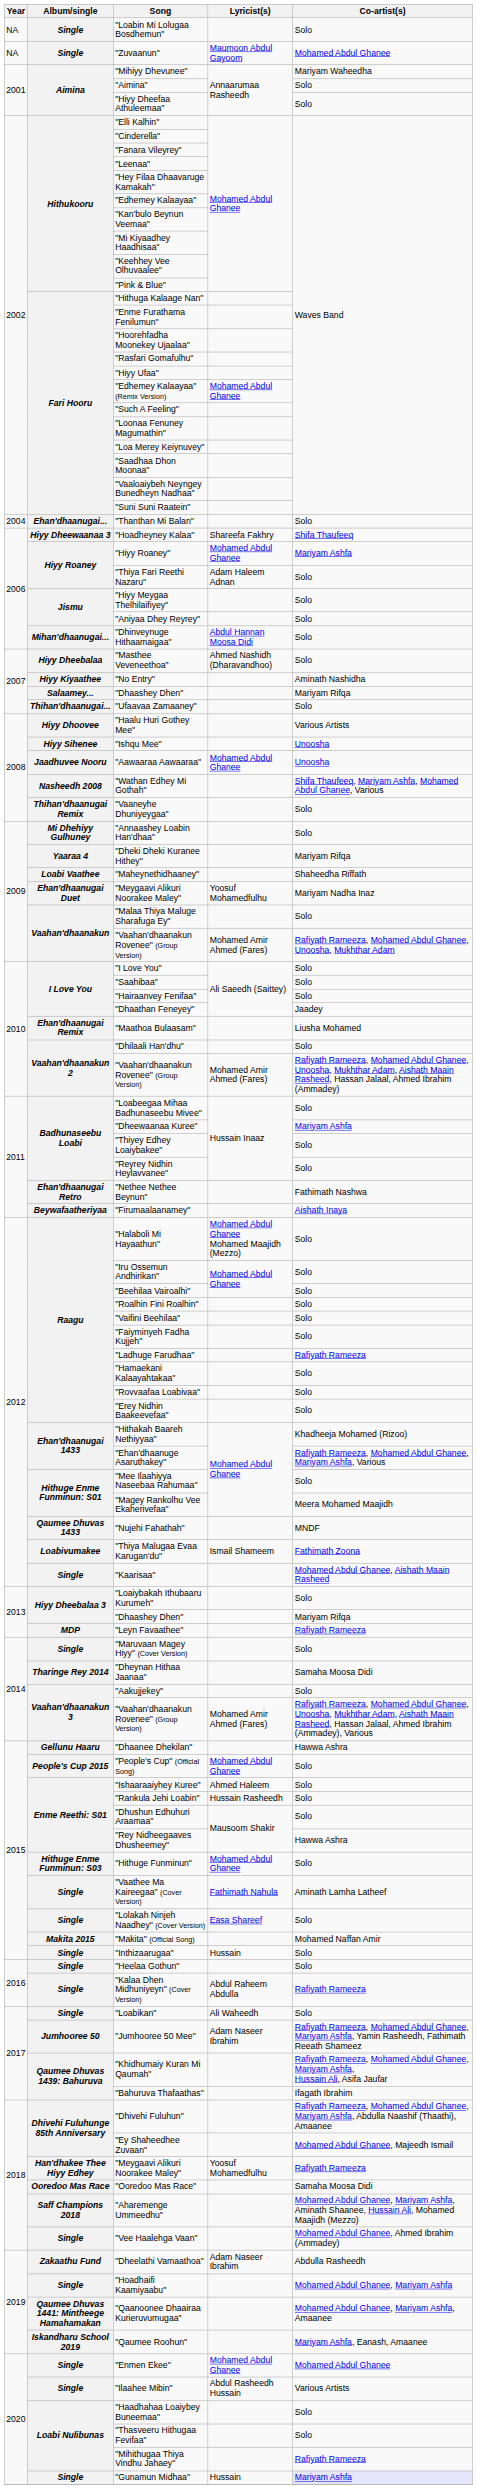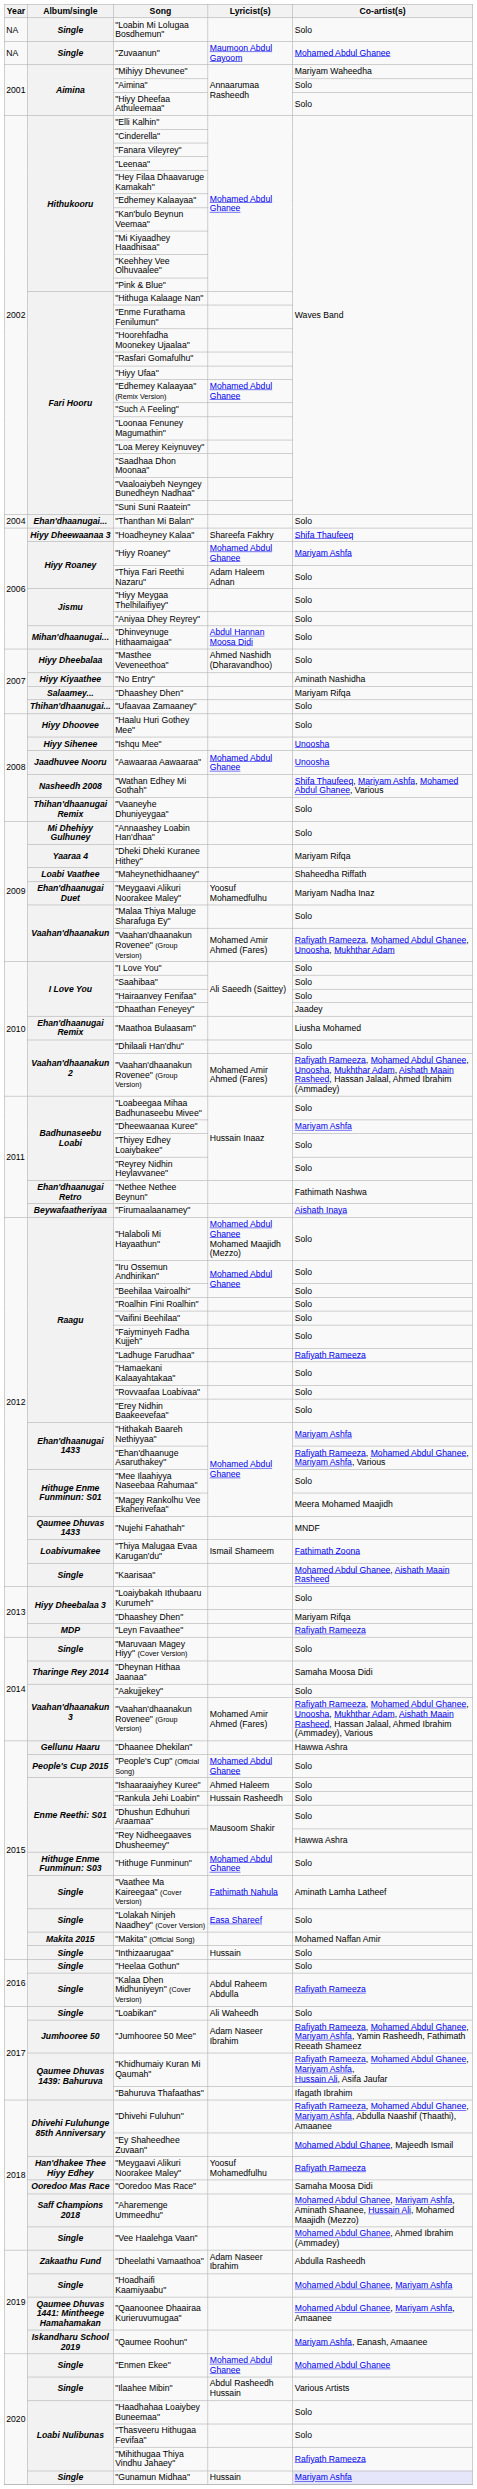 <table class="wikitable plainrowheaders">
 <tr>
 <th scope="col" style="width:2%;">Year</th>
 <th scope="col" style="width:18%;">Album/single</th>
 <th scope="col" style="width:20%;">Song</th>
 <th scope="col" style="width:18%;">Lyricist(s)</th>
 <th scope="col" style="width:38%;">Co-artist(s)</th>
 </tr>
 <tr>
 <td>NA</td>
 <th scope="row"><em>Single</em></th>
 <td>"Loabin Mi Lolugaa Bosdhemun"</td>
 <td></td>
 <td>Solo</td>
 </tr>
 <tr>
 <td>NA</td>
 <th scope="row"><em>Single</em></th>
 <td>"Zuvaanun"</td>
 <td><a href='#'>Maumoon Abdul Gayoom</a></td>
 <td><a href='#'>Mohamed Abdul Ghanee</a></td>
 </tr>
 <tr>
 <td rowspan="3">2001</td>
 <th scope="row"  rowspan="3"><em>Aimina</em></th>
 <td>"Mihiyy Dhevunee"</td>
 <td rowspan="3">Annaarumaa Rasheedh</td>
 <td>Mariyam Waheedha</td>
 </tr>
 <tr>
 <td>"Aimina"</td>
 <td>Solo</td>
 </tr>
 <tr>
 <td>"Hiyy Dheefaa Athuleemaa"</td>
 <td>Solo</td>
 </tr>
 <tr>
 <td rowspan="22">2002</td>
 <th scope="row" rowspan="10"><em>Hithukooru</em></th>
 <td>"Elli Kalhin"</td>
 <td rowspan="10"><a href='#'>Mohamed Abdul Ghanee</a></td>
 <td rowspan="22">Waves Band</td>
 </tr>
 <tr>
 <td>"Cinderella"</td>
 </tr>
 <tr>
 <td>"Fanara Vileyrey"</td>
 </tr>
 <tr>
 <td>"Leenaa"</td>
 </tr>
 <tr>
 <td>"Hey Filaa Dhaavaruge Kamakah"</td>
 </tr>
 <tr>
 <td>"Edhemey Kalaayaa"</td>
 </tr>
 <tr>
 <td>"Kan'bulo Beynun Veemaa"</td>
 </tr>
 <tr>
 <td>"Mi Kiyaadhey Haadhisaa"</td>
 </tr>
 <tr>
 <td>"Keehhey Vee Olhuvaalee"</td>
 </tr>
 <tr>
 <td>"Pink & Blue"</td>
 </tr>
 <tr>
 <th scope="row" rowspan="12"><em>Fari Hooru</em></th>
 <td>"Hithuga Kalaage Nan"</td>
 <td></td>
 </tr>
 <tr>
 <td>"Enme Furathama Fenilumun"</td>
 <td></td>
 </tr>
 <tr>
 <td>"Hoorehfadha Moonekey Ujaalaa"</td>
 <td></td>
 </tr>
 <tr>
 <td>"Rasfari Gomafulhu"</td>
 <td></td>
 </tr>
 <tr>
 <td>"Hiyy Ufaa"</td>
 <td></td>
 </tr>
 <tr>
 <td>"Edhemey Kalaayaa" <small>(Remix Version)</small></td>
 <td><a href='#'>Mohamed Abdul Ghanee</a></td>
 </tr>
 <tr>
 <td>"Such A Feeling"</td>
 <td></td>
 </tr>
 <tr>
 <td>"Loonaa Fenuney Magumathin"</td>
 <td></td>
 </tr>
 <tr>
 <td>"Loa Merey Keiynuvey"</td>
 <td></td>
 </tr>
 <tr>
 <td>"Saadhaa Dhon Moonaa"</td>
 <td></td>
 </tr>
 <tr>
 <td>"Vaaloaiybeh Neyngey Bunedheyn Nadhaa"</td>
 <td></td>
 </tr>
 <tr>
 <td>"Suni Suni Raatein"</td>
 <td></td>
 </tr>
 <tr>
 <td>2004</td>
 <th scope="row"><em>Ehan'dhaanugai...</em></th>
 <td>"Thanthan Mi Balan"</td>
 <td></td>
 <td>Solo</td>
 </tr>
 <tr>
 <td rowspan="6">2006</td>
 <th scope="row"><em>Hiyy Dheewaanaa 3</em></th>
 <td>"Hoadheyney Kalaa"</td>
 <td>Shareefa Fakhry</td>
 <td><a href='#'>Shifa Thaufeeq</a></td>
 </tr>
 <tr>
 <th scope="row" rowspan="2"><em>Hiyy Roaney</em></th>
 <td>"Hiyy Roaney"</td>
 <td><a href='#'>Mohamed Abdul Ghanee</a></td>
 <td><a href='#'>Mariyam Ashfa</a></td>
 </tr>
 <tr>
 <td>"Thiya Fari Reethi Nazaru"</td>
 <td>Adam Haleem Adnan</td>
 <td>Solo</td>
 </tr>
 <tr>
 <th scope="row" rowspan="2"><em>Jismu</em></th>
 <td>"Hiyy Meygaa Thelhilaifiyey"</td>
 <td></td>
 <td>Solo</td>
 </tr>
 <tr>
 <td>"Aniyaa Dhey Reyrey"</td>
 <td></td>
 <td>Solo</td>
 </tr>
 <tr>
 <th scope="row"><em>Mihan'dhaanugai...</em></th>
 <td>"Dhinveynuge Hithaamaigaa"</td>
 <td><a href='#'>Abdul Hannan Moosa Didi</a></td>
 <td>Solo</td>
 </tr>
 <tr>
 <td rowspan="4">2007</td>
 <th scope="row"><em>Hiyy Dheebalaa</em></th>
 <td>"Masthee Veveneethoa"</td>
 <td>Ahmed Nashidh (Dharavandhoo)</td>
 <td>Solo</td>
 </tr>
 <tr>
 <th scope="row"><em>Hiyy Kiyaathee</em></th>
 <td>"No Entry"</td>
 <td></td>
 <td>Aminath Nashidha</td>
 </tr>
 <tr>
 <th scope="row"><em>Salaamey...</em></th>
 <td>"Dhaashey Dhen"</td>
 <td></td>
 <td>Mariyam Rifqa</td>
 </tr>
 <tr>
 <th scope="row"><em>Thihan'dhaanugai...</em></th>
 <td>"Ufaavaa Zamaaney"</td>
 <td></td>
 <td>Solo</td>
 </tr>
 <tr>
 <td rowspan="5">2008</td>
 <th scope="row"><em>Hiyy Dhoovee</em></th>
 <td>"Haalu Huri Gothey Mee"</td>
 <td></td>
-<td>Various Artists</td>
+<td>Solo</td>
 </tr>
 <tr>
 <th scope="row"><em>Hiyy Sihenee</em></th>
 <td>"Ishqu Mee"</td>
 <td></td>
 <td><a href='#'>Unoosha</a></td>
 </tr>
 <tr>
 <th scope="row"><em>Jaadhuvee Nooru</em></th>
 <td>"Aawaaraa Aawaaraa"</td>
 <td><a href='#'>Mohamed Abdul Ghanee</a></td>
 <td><a href='#'>Unoosha</a></td>
 </tr>
 <tr>
 <th scope="row"><em>Nasheedh 2008</em></th>
 <td>"Wathan Edhey Mi Gothah"</td>
 <td></td>
 <td><a href='#'>Shifa Thaufeeq</a>, <a href='#'>Mariyam Ashfa</a>, <a href='#'>Mohamed Abdul Ghanee</a>, Various</td>
 </tr>
 <tr>
 <th scope="row"><em>Thihan'dhaanugai Remix</em></th>
 <td>"Vaaneyhe Dhuniyeygaa"</td>
 <td></td>
 <td>Solo</td>
 </tr>
 <tr>
 <td rowspan="6">2009</td>
 <th scope="row"><em>Mi Dhehiyy Gulhuney</em></th>
 <td>"Annaashey Loabin Han'dhaa"</td>
 <td></td>
 <td>Solo</td>
 </tr>
 <tr>
 <th scope="row"><em>Yaaraa 4</em></th>
 <td>"Dheki Dheki Kuranee Hithey"</td>
 <td></td>
 <td>Mariyam Rifqa</td>
 </tr>
 <tr>
 <th scope="row"><em>Loabi Vaathee</em></th>
 <td>"Maheynethidhaaney"</td>
 <td></td>
 <td>Shaheedha Riffath</td>
 </tr>
 <tr>
 <th scope="row"><em>Ehan'dhaanugai Duet</em></th>
 <td>"Meygaavi Alikuri Noorakee Maley"</td>
 <td>Yoosuf Mohamedfulhu</td>
 <td>Mariyam Nadha Inaz</td>
 </tr>
 <tr>
 <th scope="row" rowspan="2"><em>Vaahan'dhaanakun</em></th>
 <td>"Malaa Thiya Maluge Sharafuga Ey"</td>
 <td></td>
 <td>Solo</td>
 </tr>
 <tr>
 <td>"Vaahan'dhaanakun Rovenee" <small>(Group Version)</small></td>
 <td>Mohamed Amir Ahmed (Fares)</td>
 <td><a href='#'>Rafiyath Rameeza</a>, <a href='#'>Mohamed Abdul Ghanee</a>, <a href='#'>Unoosha</a>, <a href='#'>Mukhthar Adam</a></td>
 </tr>
 <tr>
 <td rowspan="7">2010</td>
 <th scope="row" rowspan="4"><em>I Love You</em></th>
 <td>"I Love You"</td>
 <td rowspan="4">Ali Saeedh (Saittey)</td>
 <td>Solo</td>
 </tr>
 <tr>
 <td>"Saahibaa"</td>
 <td>Solo</td>
 </tr>
 <tr>
 <td>"Hairaanvey Fenifaa"</td>
 <td>Solo</td>
 </tr>
 <tr>
 <td>"Dhaathan Feneyey"</td>
 <td>Jaadey</td>
 </tr>
 <tr>
 <th scope="row"><em>Ehan'dhaanugai Remix</em></th>
 <td>"Maathoa Bulaasam"</td>
 <td></td>
 <td>Liusha Mohamed</td>
 </tr>
 <tr>
 <th scope="row" rowspan="2"><em>Vaahan'dhaanakun 2</em></th>
 <td>"Dhilaali Han'dhu"</td>
 <td></td>
 <td>Solo</td>
 </tr>
 <tr>
 <td>"Vaahan'dhaanakun Rovenee" <small>(Group Version)</small></td>
 <td>Mohamed Amir Ahmed (Fares)</td>
 <td><a href='#'>Rafiyath Rameeza</a>, <a href='#'>Mohamed Abdul Ghanee</a>, <a href='#'>Unoosha</a>, <a href='#'>Mukhthar Adam</a>, <a href='#'>Aishath Maain Rasheed</a>, Hassan Jalaal, Ahmed Ibrahim (Ammadey)</td>
 </tr>
 <tr>
 <td rowspan="6">2011</td>
 <th scope="row" rowspan="4"><em>Badhunaseebu Loabi</em></th>
 <td>"Loabeegaa Mihaa Badhunaseebu Mivee"</td>
 <td rowspan="4">Hussain Inaaz</td>
 <td>Solo</td>
 </tr>
 <tr>
 <td>"Dheewaanaa Kuree"</td>
 <td><a href='#'>Mariyam Ashfa</a></td>
 </tr>
 <tr>
 <td>"Thiyey Edhey Loaiybakee"</td>
 <td>Solo</td>
 </tr>
 <tr>
 <td>"Reyrey Nidhin Heylavvanee"</td>
 <td>Solo</td>
 </tr>
 <tr>
 <th scope="row"><em>Ehan'dhaanugai Retro</em></th>
 <td>"Nethee Nethee Beynun"</td>
 <td></td>
 <td>Fathimath Nashwa</td>
 </tr>
 <tr>
 <th scope="row"><em>Beywafaatheriyaa</em></th>
 <td>"Firumaalaanamey"</td>
 <td></td>
 <td><a href='#'>Aishath Inaya</a></td>
 </tr>
 <tr>
 <td rowspan="17">2012</td>
 <th scope="row" rowspan="10"><em>Raagu</em></th>
 <td>"Halaboli Mi Hayaathun"</td>
 <td><a href='#'>Mohamed Abdul Ghanee</a><br>Mohamed Maajidh (Mezzo)</td>
 <td>Solo</td>
 </tr>
 <tr>
 <td>"Iru Ossemun Andhirikan"</td>
 <td rowspan="2"><a href='#'>Mohamed Abdul Ghanee</a></td>
 <td>Solo</td>
 </tr>
 <tr>
 <td>"Beehilaa Vairoalhi"</td>
 <td>Solo</td>
 </tr>
 <tr>
 <td>"Roalhin Fini Roalhin"</td>
 <td></td>
 <td>Solo</td>
 </tr>
 <tr>
 <td>"Vaifini Beehilaa"</td>
 <td></td>
 <td>Solo</td>
 </tr>
 <tr>
 <td>"Faiyminyeh Fadha Kujjeh"</td>
 <td></td>
 <td>Solo</td>
 </tr>
 <tr>
 <td>"Ladhuge Farudhaa"</td>
 <td></td>
 <td><a href='#'>Rafiyath Rameeza</a></td>
 </tr>
 <tr>
 <td>"Hamaekani Kalaayahtakaa"</td>
 <td></td>
 <td>Solo</td>
 </tr>
 <tr>
 <td>"Rovvaafaa Loabivaa"</td>
 <td></td>
 <td>Solo</td>
 </tr>
 <tr>
 <td>"Erey Nidhin Baakeevefaa"</td>
 <td></td>
 <td>Solo</td>
 </tr>
 <tr>
 <th scope="row" rowspan="2"><em>Ehan'dhaanugai 1433</em></th>
 <td>"Hithakah Baareh Nethiyyaa"</td>
 <td rowspan="4"><a href='#'>Mohamed Abdul Ghanee</a></td>
-<td>Khadheeja Mohamed (Rizoo)</td>
+<td><a href='#'>Mariyam Ashfa</a></td>
 </tr>
 <tr>
 <td>"Ehan'dhaanuge Asaruthakey"</td>
 <td><a href='#'>Rafiyath Rameeza</a>, <a href='#'>Mohamed Abdul Ghanee</a>, <a href='#'>Mariyam Ashfa</a>, Various</td>
 </tr>
 <tr>
 <th scope="row" rowspan="2"><em>Hithuge Enme Funminun: S01</em></th>
 <td>"Mee Ilaahiyya Naseebaa Rahumaa"</td>
 <td>Solo</td>
 </tr>
 <tr>
 <td>"Magey Rankolhu Vee Ekaherivefaa"</td>
 <td>Meera Mohamed Maajidh</td>
 </tr>
 <tr>
 <th scope="row"><em>Qaumee Dhuvas 1433</em></th>
 <td>"Nujehi Fahathah"</td>
 <td></td>
 <td>MNDF</td>
 </tr>
 <tr>
 <th scope="row"><em>Loabivumakee</em></th>
 <td>"Thiya Malugaa Evaa Karugan'du"</td>
 <td>Ismail Shameem</td>
 <td><a href='#'>Fathimath Zoona</a></td>
 </tr>
 <tr>
 <th scope="row"><em>Single</em></th>
 <td>"Kaarisaa"</td>
 <td></td>
 <td><a href='#'>Mohamed Abdul Ghanee</a>, <a href='#'>Aishath Maain Rasheed</a></td>
 </tr>
 <tr>
 <td rowspan="3">2013</td>
 <th scope="row" rowspan="2"><em>Hiyy Dheebalaa 3</em></th>
 <td>"Loaiybakah Ithubaaru Kurumeh"</td>
 <td></td>
 <td>Solo</td>
 </tr>
 <tr>
 <td>"Dhaashey Dhen"</td>
 <td></td>
 <td>Mariyam Rifqa</td>
 </tr>
 <tr>
 <th scope="row"><em>MDP</em></th>
 <td>"Leyn Favaathee"</td>
 <td></td>
 <td><a href='#'>Rafiyath Rameeza</a></td>
 </tr>
 <tr>
 <td rowspan="4">2014</td>
 <th scope="row"><em>Single</em></th>
 <td>"Maruvaan Magey Hiyy" <small>(Cover Version)</small></td>
 <td></td>
 <td>Solo</td>
 </tr>
 <tr>
 <th scope="row"><em>Tharinge Rey 2014</em></th>
 <td>"Dheynan Hithaa Jaanaa"</td>
 <td></td>
 <td>Samaha Moosa Didi</td>
 </tr>
 <tr>
 <th scope="row" rowspan="2"><em>Vaahan'dhaanakun 3</em></th>
 <td>"Aakujjekey"</td>
 <td></td>
 <td>Solo</td>
 </tr>
 <tr>
 <td>"Vaahan'dhaanakun Rovenee" <small>(Group Version)</small></td>
 <td>Mohamed Amir Ahmed (Fares)</td>
 <td><a href='#'>Rafiyath Rameeza</a>, <a href='#'>Mohamed Abdul Ghanee</a>, <a href='#'>Unoosha</a>, <a href='#'>Mukhthar Adam</a>, <a href='#'>Aishath Maain Rasheed</a>, Hassan Jalaal, Ahmed Ibrahim (Ammadey), Various</td>
 </tr>
 <tr>
 <td rowspan="11">2015</td>
 <th scope="row"><em>Gellunu Haaru</em></th>
 <td>"Dhaanee Dhekilan"</td>
 <td></td>
 <td>Hawwa Ashra</td>
 </tr>
 <tr>
 <th scope="row"><em>People's Cup 2015</em></th>
 <td>"People's Cup" <small>(Official Song)</small></td>
 <td><a href='#'>Mohamed Abdul Ghanee</a></td>
 <td>Solo</td>
 </tr>
 <tr>
 <th scope="row" rowspan="4"><em>Enme Reethi: S01</em></th>
 <td>"Ishaaraaiyhey Kuree"</td>
 <td>Ahmed Haleem</td>
 <td>Solo</td>
 </tr>
 <tr>
 <td>"Rankula Jehi Loabin"</td>
 <td>Hussain Rasheedh</td>
 <td>Solo</td>
 </tr>
 <tr>
 <td>"Dhushun Edhuhuri Araamaa"</td>
 <td rowspan="2">Mausoom Shakir</td>
 <td>Solo</td>
 </tr>
 <tr>
 <td>"Rey Nidheegaaves Dhusheemey"</td>
 <td>Hawwa Ashra</td>
 </tr>
 <tr>
 <th scope="row"><em>Hithuge Enme Funminun: S03</em></th>
 <td>"Hithuge Funminun"</td>
 <td><a href='#'>Mohamed Abdul Ghanee</a></td>
 <td>Solo</td>
 </tr>
 <tr>
 <th scope="row"><em>Single</em></th>
 <td>"Vaathee Ma Kaireegaa" <small>(Cover Version)</small></td>
 <td><a href='#'>Fathimath Nahula</a></td>
 <td>Aminath Lamha Latheef</td>
 </tr>
 <tr>
 <th scope="row"><em>Single</em></th>
 <td>"Lolakah Ninjeh Naadhey" <small>(Cover Version)</small></td>
 <td><a href='#'>Easa Shareef</a></td>
 <td>Solo</td>
 </tr>
 <tr>
 <th scope="row"><em>Makita 2015</em></th>
 <td>"Makita" <small>(Official Song)</small></td>
 <td></td>
 <td>Mohamed Naffan Amir</td>
 </tr>
 <tr>
 <th scope="row"><em>Single</em></th>
 <td>"Inthizaarugaa"</td>
 <td>Hussain</td>
 <td>Solo</td>
 </tr>
 <tr>
 <td rowspan="2">2016</td>
 <th scope="row"><em>Single</em></th>
 <td>"Heelaa Gothun"</td>
 <td></td>
 <td>Solo</td>
 </tr>
 <tr>
 <th scope="row"><em>Single</em></th>
 <td>"Kalaa Dhen Midhuniyeyn" <small>(Cover Version)</small></td>
 <td>Abdul Raheem Abdulla</td>
 <td><a href='#'>Rafiyath Rameeza</a></td>
 </tr>
 <tr>
 <td rowspan="4">2017</td>
 <th scope="row"><em>Single</em></th>
 <td>"Loabikan"</td>
 <td>Ali Waheedh</td>
 <td>Solo</td>
 </tr>
 <tr>
 <th scope="row"><em>Jumhooree 50</em></th>
 <td>"Jumhooree 50 Mee"</td>
 <td>Adam Naseer Ibrahim</td>
 <td><a href='#'>Rafiyath Rameeza</a>, <a href='#'>Mohamed Abdul Ghanee</a>, <a href='#'>Mariyam Ashfa</a>, Yamin Rasheedh, Fathimath Reeath Shameez</td>
 </tr>
 <tr>
 <th scope="row" rowspan="2"><em>Qaumee Dhuvas 1439: Bahuruva</em></th>
 <td>"Khidhumaiy Kuran Mi Qaumah"</td>
 <td></td>
 <td><a href='#'>Rafiyath Rameeza</a>, <a href='#'>Mohamed Abdul Ghanee</a>, <a href='#'>Mariyam Ashfa</a>,<br><a href='#'>Hussain Ali</a>, Asifa Jaufar</td>
 </tr>
 <tr>
 <td>"Bahuruva Thafaathas"</td>
 <td></td>
 <td>Ifagath Ibrahim</td>
 </tr>
 <tr>
 <td rowspan="6">2018</td>
 <th scope="row" rowspan="2"><em>Dhivehi Fuluhunge 85th Anniversary</em></th>
 <td>"Dhivehi Fuluhun"</td>
 <td></td>
 <td><a href='#'>Rafiyath Rameeza</a>, <a href='#'>Mohamed Abdul Ghanee</a>, <a href='#'>Mariyam Ashfa</a>, Abdulla Naashif (Thaathi), Amaanee</td>
 </tr>
 <tr>
 <td>"Ey Shaheedhee Zuvaan"</td>
 <td></td>
 <td><a href='#'>Mohamed Abdul Ghanee</a>, Majeedh Ismail</td>
 </tr>
 <tr>
 <th scope="row"><em>Han'dhakee Thee Hiyy Edhey</em></th>
 <td>"Meygaavi Alikuri Noorakee Maley"</td>
 <td>Yoosuf Mohamedfulhu</td>
 <td><a href='#'>Rafiyath Rameeza</a></td>
 </tr>
 <tr>
 <th scope="row"><em>Ooredoo Mas Race</em></th>
 <td>"Ooredoo Mas Race"</td>
 <td></td>
 <td>Samaha Moosa Didi</td>
 </tr>
 <tr>
 <th scope="row"><em>Saff Champions 2018</em></th>
 <td>"Aharemenge Ummeedhu"</td>
 <td></td>
 <td><a href='#'>Mohamed Abdul Ghanee</a>, <a href='#'>Mariyam Ashfa</a>, Aminath Shaanee, <a href='#'>Hussain Ali</a>, Mohamed Maajidh (Mezzo)</td>
 </tr>
 <tr>
 <th scope="row"><em>Single</em></th>
 <td>"Vee Haalehga Vaan"</td>
 <td></td>
 <td><a href='#'>Mohamed Abdul Ghanee</a>, Ahmed Ibrahim (Ammadey)</td>
 </tr>
 <tr>
 <td rowspan="4">2019</td>
 <th scope="row"><em>Zakaathu Fund</em></th>
 <td>"Dheelathi Vamaathoa"</td>
 <td>Adam Naseer Ibrahim</td>
 <td>Abdulla Rasheedh</td>
 </tr>
 <tr>
 <th scope="row"><em>Single</em></th>
 <td>"Hoadhaifi Kaamiyaabu"</td>
 <td></td>
 <td><a href='#'>Mohamed Abdul Ghanee</a>, <a href='#'>Mariyam Ashfa</a></td>
 </tr>
 <tr>
 <th scope="row"><em>Qaumee Dhuvas 1441: Mintheege Hamahamakan</em></th>
 <td>"Qaanoonee Dhaairaa Kurieruvumugaa"</td>
 <td></td>
 <td><a href='#'>Mohamed Abdul Ghanee</a>, <a href='#'>Mariyam Ashfa</a>, Amaanee</td>
 </tr>
 <tr>
 <th scope="row"><em>Iskandharu School 2019</em></th>
 <td>"Qaumee Roohun"</td>
 <td></td>
 <td><a href='#'>Mariyam Ashfa</a>, Eanash, Amaanee</td>
 </tr>
 <tr>
 <td rowspan="6">2020</td>
 <th scope="row"><em>Single</em></th>
 <td>"Enmen Ekee"</td>
 <td><a href='#'>Mohamed Abdul Ghanee</a></td>
 <td><a href='#'>Mohamed Abdul Ghanee</a></td>
 </tr>
 <tr>
 <th scope="row"><em>Single</em></th>
 <td>"Ilaahee Mibin"</td>
 <td>Abdul Rasheedh Hussain</td>
 <td>Various Artists</td>
 </tr>
 <tr>
 <th scope="row" rowspan="3"><em>Loabi Nulibunas</em></th>
 <td>"Haadhahaa Loaiybey Buneemaa"</td>
 <td></td>
 <td>Solo</td>
 </tr>
 <tr>
 <td>"Thasveeru Hithugaa Fevifaa"</td>
 <td></td>
 <td>Solo</td>
 </tr>
 <tr>
 <td>"Mihithugaa Thiya Vindhu Jahaey"</td>
 <td></td>
 <td><a href='#'>Rafiyath Rameeza</a></td>
 </tr>
 <tr>
 <th scope="row"><em>Single</em></th>
 <td>"Gunamun Midhaa"</td>
 <td>Hussain</td>
 <td style="background: lavender;"><a href='#'>Mariyam Ashfa</a></td>
 </tr>
 <tr>
 </tr>
 </table>
